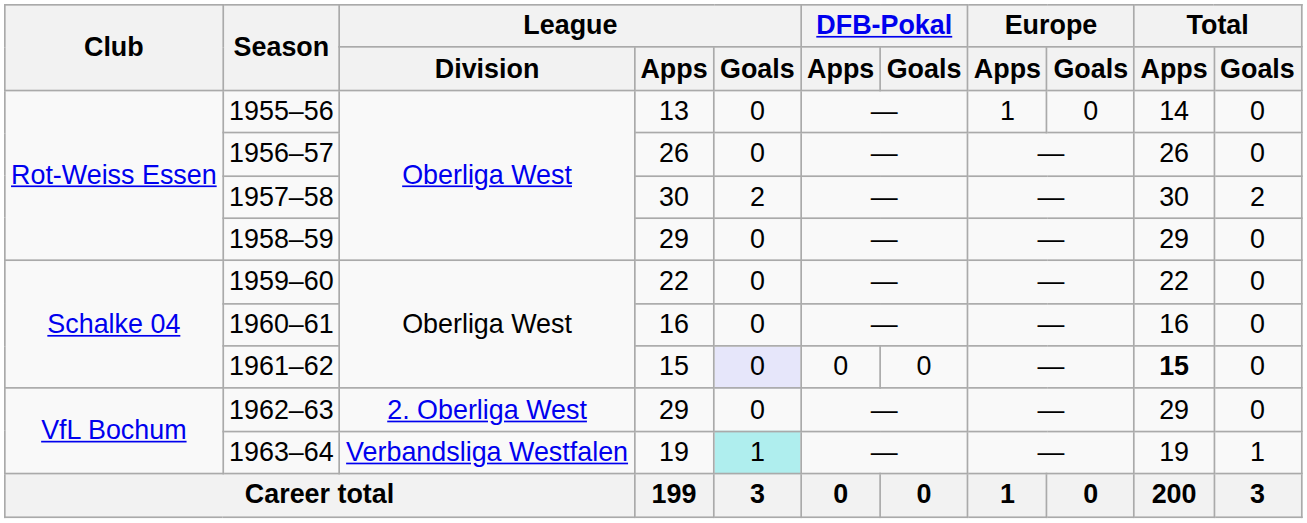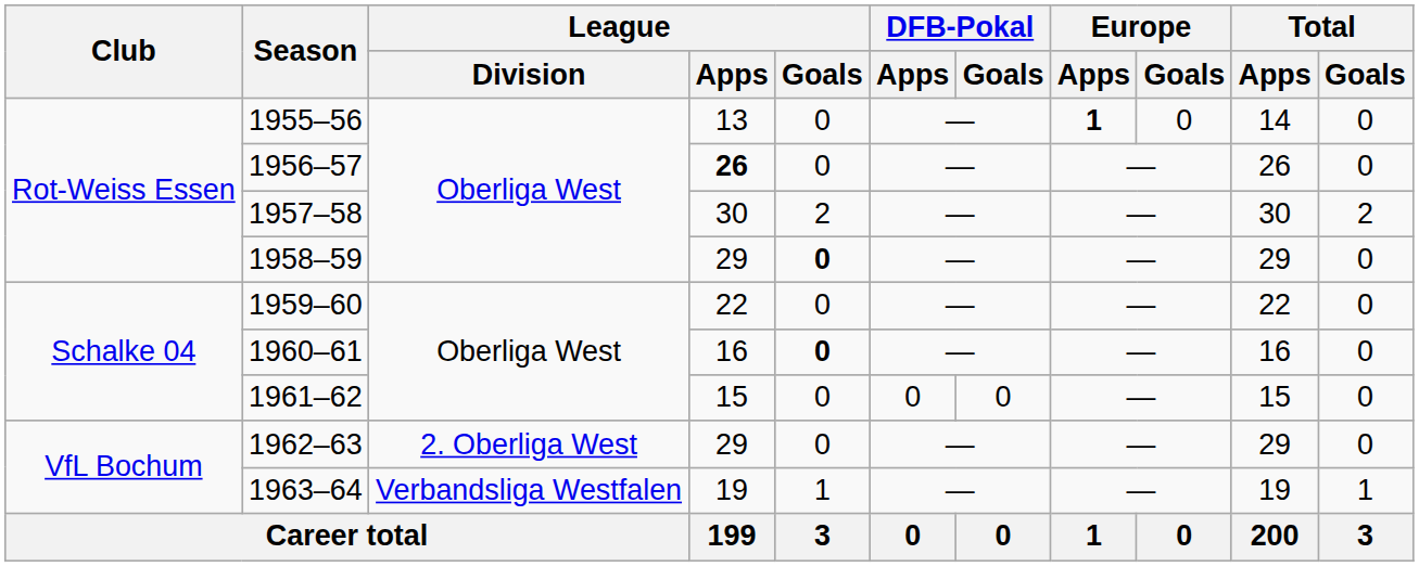 <table class="wikitable" style="text-align:center">
 <tr>
 <th rowspan="2">Club</th>
 <th rowspan="2">Season</th>
 <th colspan="3">League</th>
 <th colspan="2"><a href='#'>DFB-Pokal</a></th>
 <th colspan="2">Europe</th>
 <th colspan="2">Total</th>
 </tr>
 <tr>
 <th>Division</th>
 <th>Apps</th>
 <th>Goals</th>
 <th>Apps</th>
 <th>Goals</th>
 <th>Apps</th>
 <th>Goals</th>
 <th>Apps</th>
 <th>Goals</th>
 </tr>
 <tr>
 <td rowspan="4"><a href='#'>Rot-Weiss Essen</a></td>
 <td>1955–56</td>
 <td rowspan="4"><a href='#'>Oberliga West</a></td>
 <td>13</td>
 <td>0</td>
 <td colspan="2">—</td>
-<td>1</td>
+<td><strong>1</strong></td>
 <td>0</td>
 <td>14</td>
 <td>0</td>
 </tr>
 <tr>
 <td>1956–57</td>
-<td>26</td>
+<td><strong>26</strong></td>
 <td>0</td>
 <td colspan="2">—</td>
 <td colspan="2">—</td>
 <td>26</td>
 <td>0</td>
 </tr>
 <tr>
 <td>1957–58</td>
 <td>30</td>
 <td>2</td>
 <td colspan="2">—</td>
 <td colspan="2">—</td>
 <td>30</td>
 <td>2</td>
 </tr>
 <tr>
 <td>1958–59</td>
 <td>29</td>
-<td>0</td>
+<td><strong>0</strong></td>
 <td colspan="2">—</td>
 <td colspan="2">—</td>
 <td>29</td>
 <td>0</td>
 </tr>
 <tr>
 <td rowspan="3"><a href='#'>Schalke 04</a></td>
 <td>1959–60</td>
 <td rowspan="3">Oberliga West</td>
 <td>22</td>
 <td>0</td>
 <td colspan="2">—</td>
 <td colspan="2">—</td>
 <td>22</td>
 <td>0</td>
 </tr>
 <tr>
 <td>1960–61</td>
 <td>16</td>
-<td>0</td>
+<td><strong>0</strong></td>
 <td colspan="2">—</td>
 <td colspan="2">—</td>
 <td>16</td>
 <td>0</td>
 </tr>
 <tr>
 <td>1961–62</td>
 <td>15</td>
-<td style="background: lavender;">0</td>
+<td>0</td>
 <td>0</td>
 <td>0</td>
 <td colspan="2">—</td>
-<td><strong>15</strong></td>
+<td>15</td>
 <td>0</td>
 </tr>
 <tr>
 <td rowspan="2"><a href='#'>VfL Bochum</a></td>
 <td>1962–63</td>
 <td><a href='#'>2. Oberliga West</a></td>
 <td>29</td>
 <td>0</td>
 <td colspan="2">—</td>
 <td colspan="2">—</td>
 <td>29</td>
 <td>0</td>
 </tr>
 <tr>
 <td>1963–64</td>
 <td><a href='#'>Verbandsliga Westfalen</a></td>
 <td>19</td>
-<td style="background: paleturquoise;">1</td>
+<td>1</td>
 <td colspan="2">—</td>
 <td colspan="2">—</td>
 <td>19</td>
 <td>1</td>
 </tr>
 <tr>
 <th colspan="3">Career total</th>
 <th>199</th>
 <th>3</th>
 <th>0</th>
 <th>0</th>
 <th>1</th>
 <th>0</th>
 <th>200</th>
 <th>3</th>
 </tr>
 </table>
